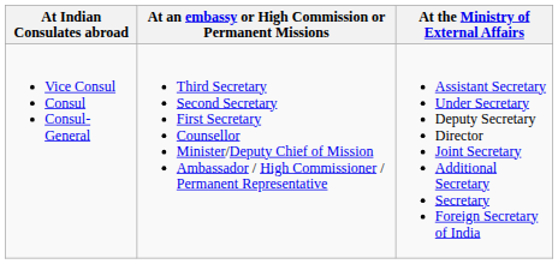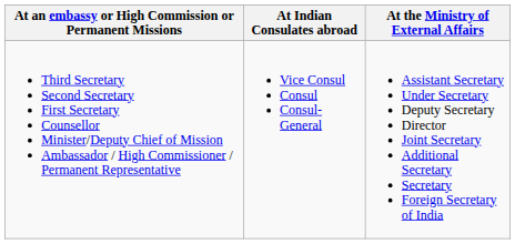 <table class="wikitable">
 <tr>
+<th><strong>At an <a href='#'>embassy</a> or High Commission or Permanent Missions</strong></th>
 <th>At Indian Consulates abroad</th>
-<th><strong>At an <a href='#'>embassy</a> or High Commission or Permanent Missions</strong></th>
 <th><strong>At the <a href='#'>Ministry of External Affairs</a></strong></th>
 </tr>
 <tr>
+<td valign=top><br><ul><li><a href='#'>Third Secretary</a></li><li><a href='#'>Second Secretary</a></li><li><a href='#'>First Secretary</a></li><li><a href='#'>Counsellor</a></li><li><a href='#'>Minister</a>/<a href='#'>Deputy Chief of Mission</a></li><li><a href='#'>Ambassador</a> / <a href='#'>High Commissioner</a> / <a href='#'>Permanent Representative</a></li></ul></td>
 <td valign="top"><br><ul><li><a href='#'>Vice Consul</a></li><li><a href='#'>Consul</a></li><li><a href='#'>Consul-General</a></li></ul></td>
-<td valign=top><br><ul><li><a href='#'>Third Secretary</a></li><li><a href='#'>Second Secretary</a></li><li><a href='#'>First Secretary</a></li><li><a href='#'>Counsellor</a></li><li><a href='#'>Minister</a>/<a href='#'>Deputy Chief of Mission</a></li><li><a href='#'>Ambassador</a> / <a href='#'>High Commissioner</a> / <a href='#'>Permanent Representative</a></li></ul></td>
 <td valign="top"><br><ul><li><a href='#'>Assistant Secretary</a></li><li><a href='#'>Under Secretary</a></li><li>Deputy Secretary</li><li>Director</li><li><a href='#'>Joint Secretary</a></li><li><a href='#'>Additional Secretary</a></li><li><a href='#'>Secretary</a></li><li><a href='#'>Foreign Secretary of India</a></li></ul></td>
 </tr>
 </table>
